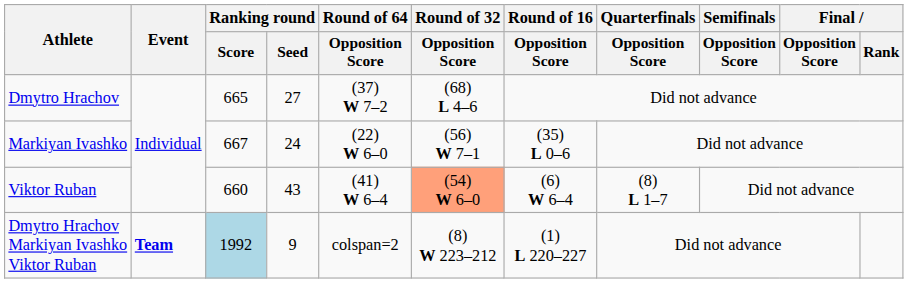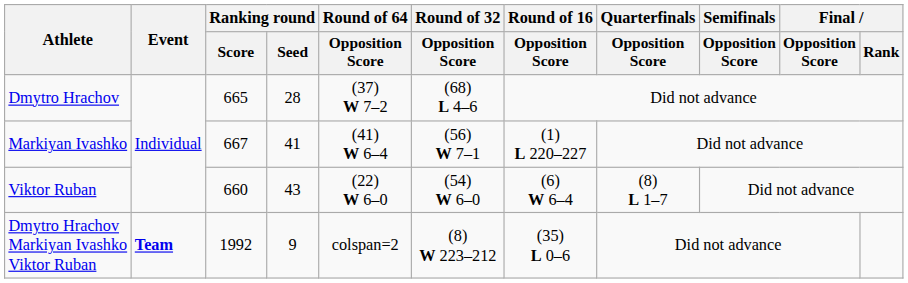 <table class="wikitable" style="font-size:90%">
 <tr>
 <th rowspan="2">Athlete</th>
 <th rowspan="2">Event</th>
 <th colspan="2">Ranking round</th>
 <th>Round of 64</th>
 <th>Round of 32</th>
 <th>Round of 16</th>
 <th>Quarterfinals</th>
 <th>Semifinals</th>
 <th colspan="2">Final / </th>
 </tr>
 <tr style="font-size:95%">
 <th>Score</th>
 <th>Seed</th>
 <th>Opposition<br>Score</th>
 <th>Opposition<br>Score</th>
 <th>Opposition<br>Score</th>
 <th>Opposition<br>Score</th>
 <th>Opposition<br>Score</th>
 <th>Opposition<br>Score</th>
 <th>Rank</th>
 </tr>
 <tr align=center>
 <td align=left><a href='#'>Dmytro Hrachov</a></td>
 <td align=left rowspan=3><a href='#'>Individual</a></td>
 <td>665</td>
-<td>27</td>
+<td>28</td>
 <td> (37)<br><strong>W</strong> 7–2</td>
 <td> (68)<br><strong>L</strong> 4–6</td>
 <td colspan=5>Did not advance</td>
 </tr>
 <tr align=center>
 <td align=left><a href='#'>Markiyan Ivashko</a></td>
 <td>667</td>
-<td>24</td>
-<td> (22) <br><strong>W</strong> 6–0</td>
+<td>41</td>
+<td> (41)<br><strong>W</strong> 6–4</td>
 <td> (56)<br><strong>W</strong> 7–1</td>
-<td> (35)<br><strong>L</strong> 0–6</td>
+<td> (1)<br><strong>L</strong> 220–227</td>
 <td colspan=4>Did not advance</td>
 </tr>
 <tr align=center>
 <td align=left><a href='#'>Viktor Ruban</a></td>
 <td>660</td>
 <td>43</td>
-<td> (41)<br><strong>W</strong> 6–4</td>
-<td style="background: lightsalmon;"> (54) <br><strong>W</strong> 6–0</td>
+<td> (22) <br><strong>W</strong> 6–0</td>
+<td> (54) <br><strong>W</strong> 6–0</td>
 <td> (6)<br><strong>W</strong> 6–4</td>
 <td> (8)<br><strong>L</strong> 1–7</td>
 <td colspan=3>Did not advance</td>
 </tr>
 <tr align=center>
 <td align=left><a href='#'>Dmytro Hrachov</a><br><a href='#'>Markiyan Ivashko</a><br><a href='#'>Viktor Ruban</a></td>
 <td align=left><strong><a href='#'>Team</a></strong></td>
-<td style="background: lightblue;">1992</td>
+<td>1992</td>
 <td>9</td>
 <td>colspan=2 </td>
 <td> (8)<br><strong>W</strong> 223–212</td>
-<td> (1)<br><strong>L</strong> 220–227</td>
+<td> (35)<br><strong>L</strong> 0–6</td>
 <td colspan=3>Did not advance</td>
 </tr>
 </table>
